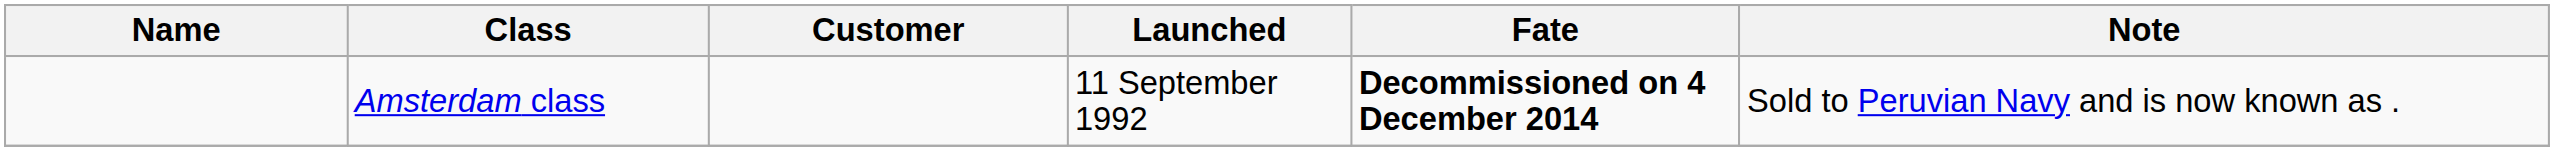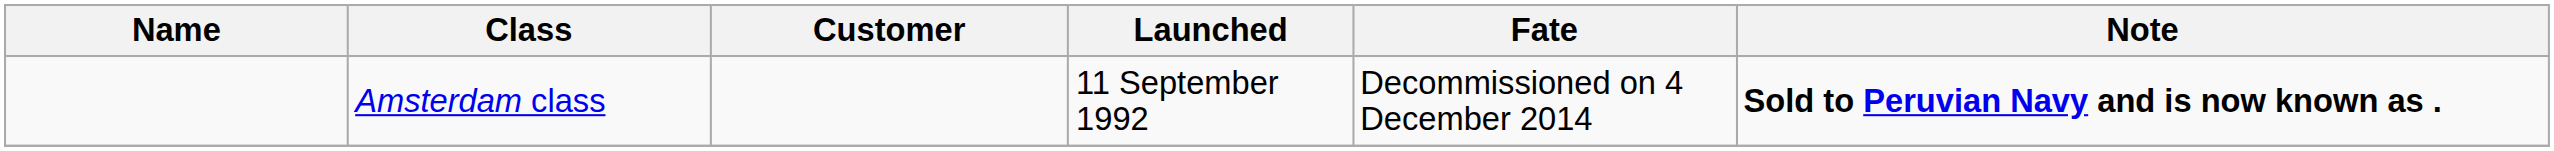 <table class="wikitable mw-collapsible mw-collapsed">
 <tr>
 <th width="200">Name</th>
 <th width="200">Class</th>
 <th width="200">Customer</th>
 <th width="150">Launched</th>
 <th width="200">Fate</th>
 <th width="500">Note</th>
 </tr>
 <tr>
 <td></td>
 <td><a href='#'><em>Amsterdam</em> class</a></td>
 <td></td>
 <td>11 September 1992</td>
-<td><strong>Decommissioned on 4 December 2014</strong></td>
-<td>Sold to <a href='#'>Peruvian Navy</a> and is now known as .</td>
+<td>Decommissioned on 4 December 2014</td>
+<td><strong>Sold to <a href='#'>Peruvian Navy</a> and is now known as .</strong></td>
 </tr>
 <tr>
 </tr>
 </table>
